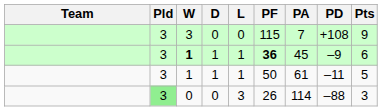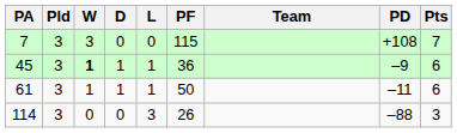 <table class="wikitable" style="text-align:center;">
 <tr>
-<th width=175>Team</th>
+<th width=32 abbr="Points against">PA</th>
 <th width=25 abbr="Played">Pld</th>
 <th width=25 abbr="Won">W</th>
 <th width=25 abbr="Drawn">D</th>
 <th width=25 abbr="Lost">L</th>
 <th width=32 abbr="Points for">PF</th>
-<th width=32 abbr="Points against">PA</th>
+<th width=175>Team</th>
 <th width=32 abbr="Points difference">PD</th>
 <th width=25 abbr="Points">Pts</th>
 </tr>
 <tr bgcolor=ccffcc>
-<td align=left></td>
+<td>7</td>
 <td>3</td>
 <td>3</td>
 <td>0</td>
 <td>0</td>
 <td>115</td>
+<td align=left></td>
+<td>+108</td>
 <td>7</td>
-<td>+108</td>
-<td>9</td>
 </tr>
 <tr bgcolor=ccffcc>
-<td align=left></td>
+<td>45</td>
 <td>3</td>
 <td><strong>1</strong></td>
 <td>1</td>
 <td>1</td>
-<td><strong>36</strong></td>
-<td>45</td>
+<td>36</td>
+<td align=left></td>
 <td>–9</td>
 <td>6</td>
 </tr>
 <tr>
-<td align=left></td>
+<td>61</td>
 <td>3</td>
 <td>1</td>
 <td>1</td>
 <td>1</td>
 <td>50</td>
-<td>61</td>
+<td align=left></td>
 <td>–11</td>
-<td>5</td>
+<td>6</td>
 </tr>
 <tr>
-<td align=left></td>
-<td style="background: lightgreen;">3</td>
+<td>114</td>
+<td>3</td>
 <td>0</td>
 <td>0</td>
 <td>3</td>
 <td>26</td>
-<td>114</td>
+<td align=left></td>
 <td>–88</td>
 <td>3</td>
 </tr>
 </table>
